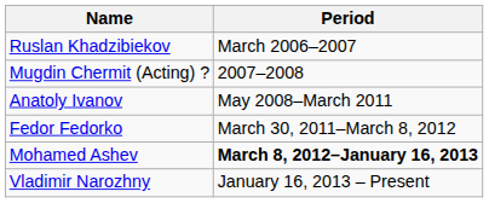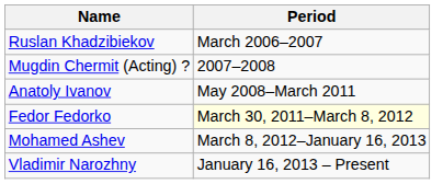 <table class="wikitable">
 <tr>
 <th>Name</th>
 <th>Period</th>
 </tr>
 <tr>
 <td><a href='#'>Ruslan Khadzibiekov</a></td>
 <td>March 2006–2007</td>
 </tr>
 <tr>
 <td><a href='#'>Mugdin Chermit</a> (Acting) ?</td>
 <td>2007–2008</td>
 </tr>
 <tr>
 <td><a href='#'>Anatoly Ivanov</a></td>
 <td>May 2008–March 2011</td>
 </tr>
 <tr>
 <td><a href='#'>Fedor Fedorko</a></td>
-<td>March 30, 2011–March 8, 2012</td>
+<td style="background: lightyellow;">March 30, 2011–March 8, 2012</td>
 </tr>
 <tr>
 <td><a href='#'>Mohamed Ashev</a></td>
-<td><strong>March 8, 2012–January 16, 2013</strong></td>
+<td>March 8, 2012–January 16, 2013</td>
 </tr>
 <tr>
 <td><a href='#'>Vladimir Narozhny</a></td>
 <td>January 16, 2013 – Present</td>
 </tr>
 </table>
